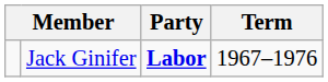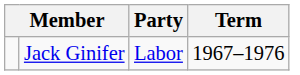 <table class="wikitable">
 <tr>
 <th colspan="2">Member</th>
 <th>Party</th>
 <th>Term</th>
 </tr>
 <tr>
 <td> </td>
 <td><a href='#'>Jack Ginifer</a></td>
-<td><strong><a href='#'>Labor</a></strong></td>
+<td><a href='#'>Labor</a></td>
 <td>1967–1976</td>
 </tr>
 </table>
